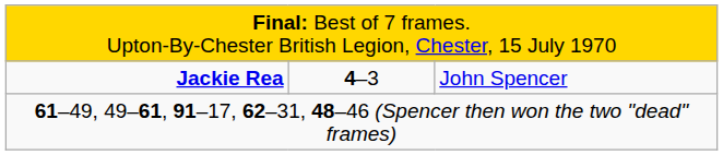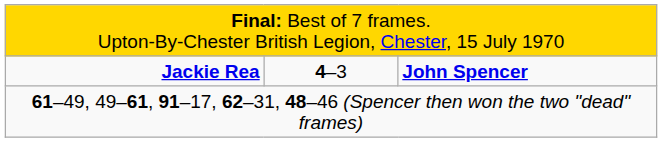 <table class="wikitable" style="font-size: 95%; margin: 1em auto 1em auto;">
 <tr>
 <td colspan="3" align="center" bgcolor="#ffd700"><strong>Final:</strong> Best of 7 frames.<br>Upton-By-Chester British Legion, <a href='#'>Chester</a>, 15 July 1970</td>
 </tr>
 <tr>
 <td width="200" align="right"><strong><a href='#'>Jackie Rea</a></strong> <br></td>
 <td width="100" align="center"><strong>4</strong>–3</td>
-<td width="200"><a href='#'>John Spencer</a> <br></td>
+<td width="200"><strong><a href='#'>John Spencer</a> <br></strong></td>
 </tr>
 <tr>
 <td colspan="3" align="center" style="font-size: 100%"><strong>61</strong>–49, 49–<strong>61</strong>, <strong>91</strong>–17, <strong>62</strong>–31, <strong>48</strong>–46 <em>(Spencer then won the two "dead" frames)</em></td>
 </tr>
 </table>
